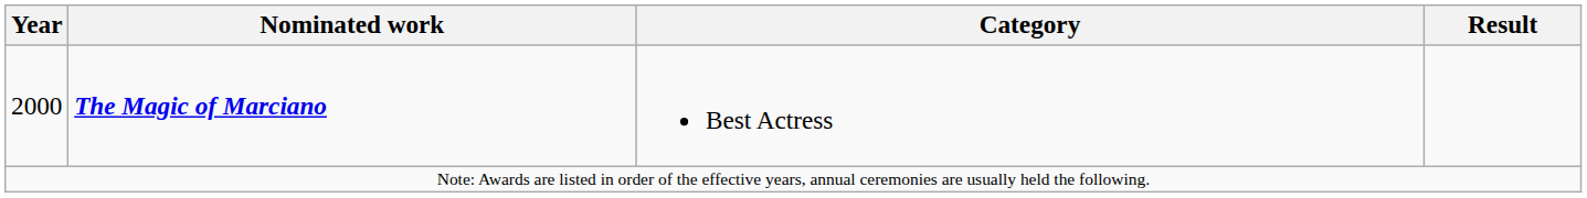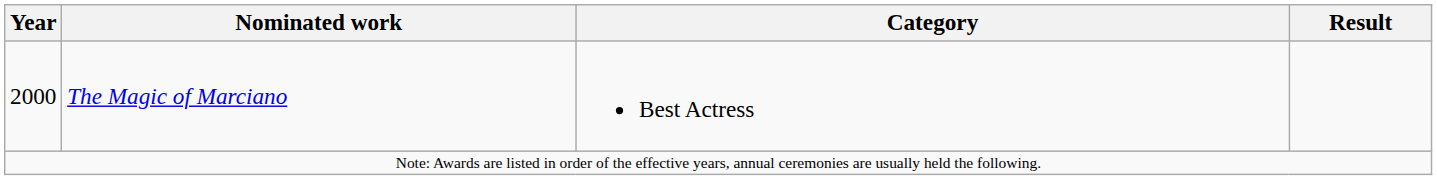 <table class="wikitable">
 <tr>
 <th width="4%">Year</th>
 <th width="36%">Nominated work</th>
 <th width="50%">Category</th>
 <th width="10%">Result</th>
 </tr>
 <tr>
 <td>2000</td>
-<td><strong><em><a href='#'>The Magic of Marciano</a></em></strong></td>
+<td><em><a href='#'>The Magic of Marciano</a></em></td>
 <td><br><ul><li>Best Actress </li></ul></td>
 <td></td>
 </tr>
 <tr>
 <td colspan="4" width="100%" style="font-size:8pt" align="center">Note: Awards are listed in order of the effective years, annual ceremonies are usually held the following.</td>
 </tr>
 </table>
